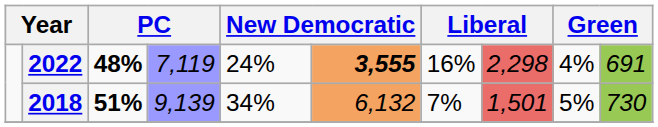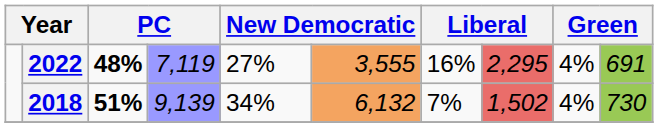 <table class="wikitable" style="float:right; width:400; font-size:90%; margin-left:1em;">
 <tr>
 <th colspan="2" scope="col">Year</th>
 <th colspan="2" scope="col"><a href='#'>PC</a></th>
 <th colspan="2" scope="col"><a href='#'>New Democratic</a></th>
 <th colspan="2" scope="col"><a href='#'>Liberal</a></th>
 <th colspan="2" scope="col"><a href='#'>Green</a></th>
 </tr>
 <tr>
 <td rowspan="2" style="width: 0.25em; background-color: "></td>
 <th><a href='#'>2022</a></th>
 <td><strong>48%</strong></td>
 <td style="text-align:right; background:#9999FF;"><em>7,119</em></td>
-<td>24%</td>
-<td style="text-align:right; background:#F4A460;"><strong><em>3,555</em></strong></td>
+<td>27%</td>
+<td style="text-align:right; background:#F4A460;"><em>3,555</em></td>
 <td>16%</td>
-<td style="text-align:right; background:#EA6D6A;"><em>2,298</em></td>
+<td style="text-align:right; background:#EA6D6A;"><em>2,295</em></td>
 <td>4%</td>
 <td style="text-align:right; background:#99C955;"><em>691</em></td>
 </tr>
 <tr>
 <th><a href='#'>2018</a></th>
 <td><strong>51%</strong></td>
 <td style="text-align:right; background:#9999FF;"><em>9,139</em></td>
 <td>34%</td>
 <td style="text-align:right; background:#F4A460;"><em>6,132</em></td>
 <td>7%</td>
-<td style="text-align:right; background:#EA6D6A;"><em>1,501</em></td>
-<td>5%</td>
+<td style="text-align:right; background:#EA6D6A;"><em>1,502</em></td>
+<td>4%</td>
 <td style="text-align:right; background:#99C955;"><em>730</em></td>
 </tr>
 <tr>
 </tr>
 </table>
